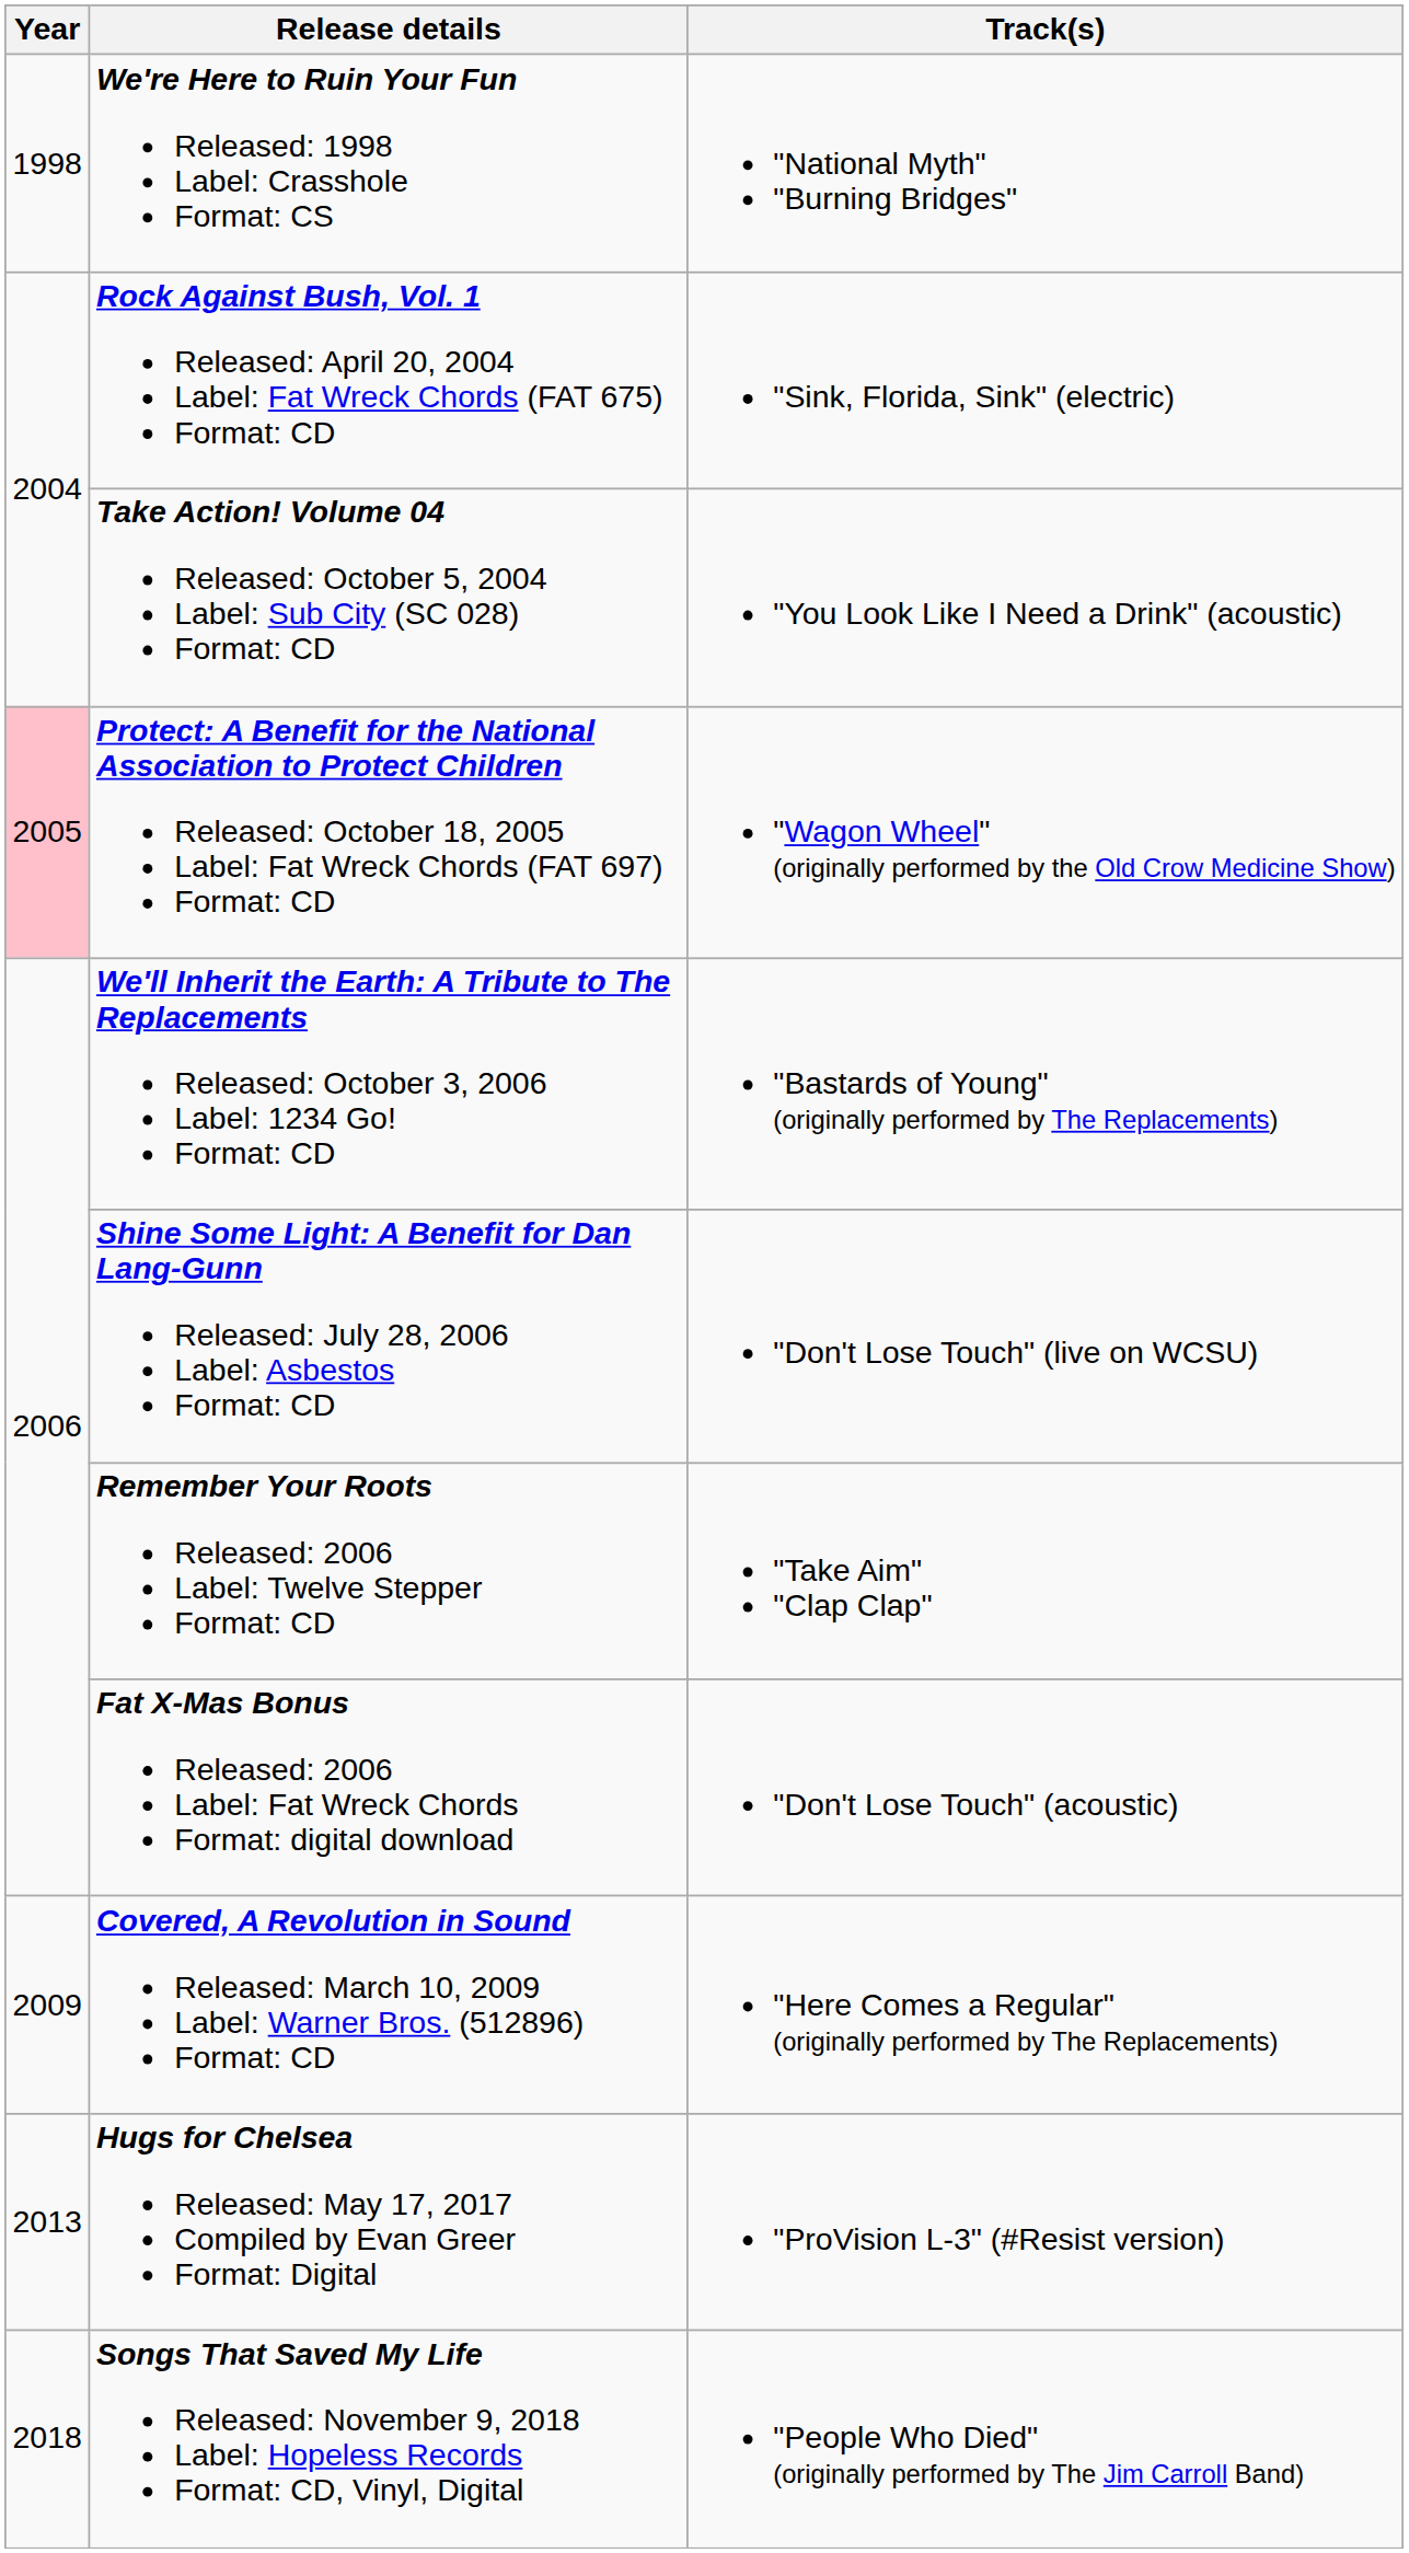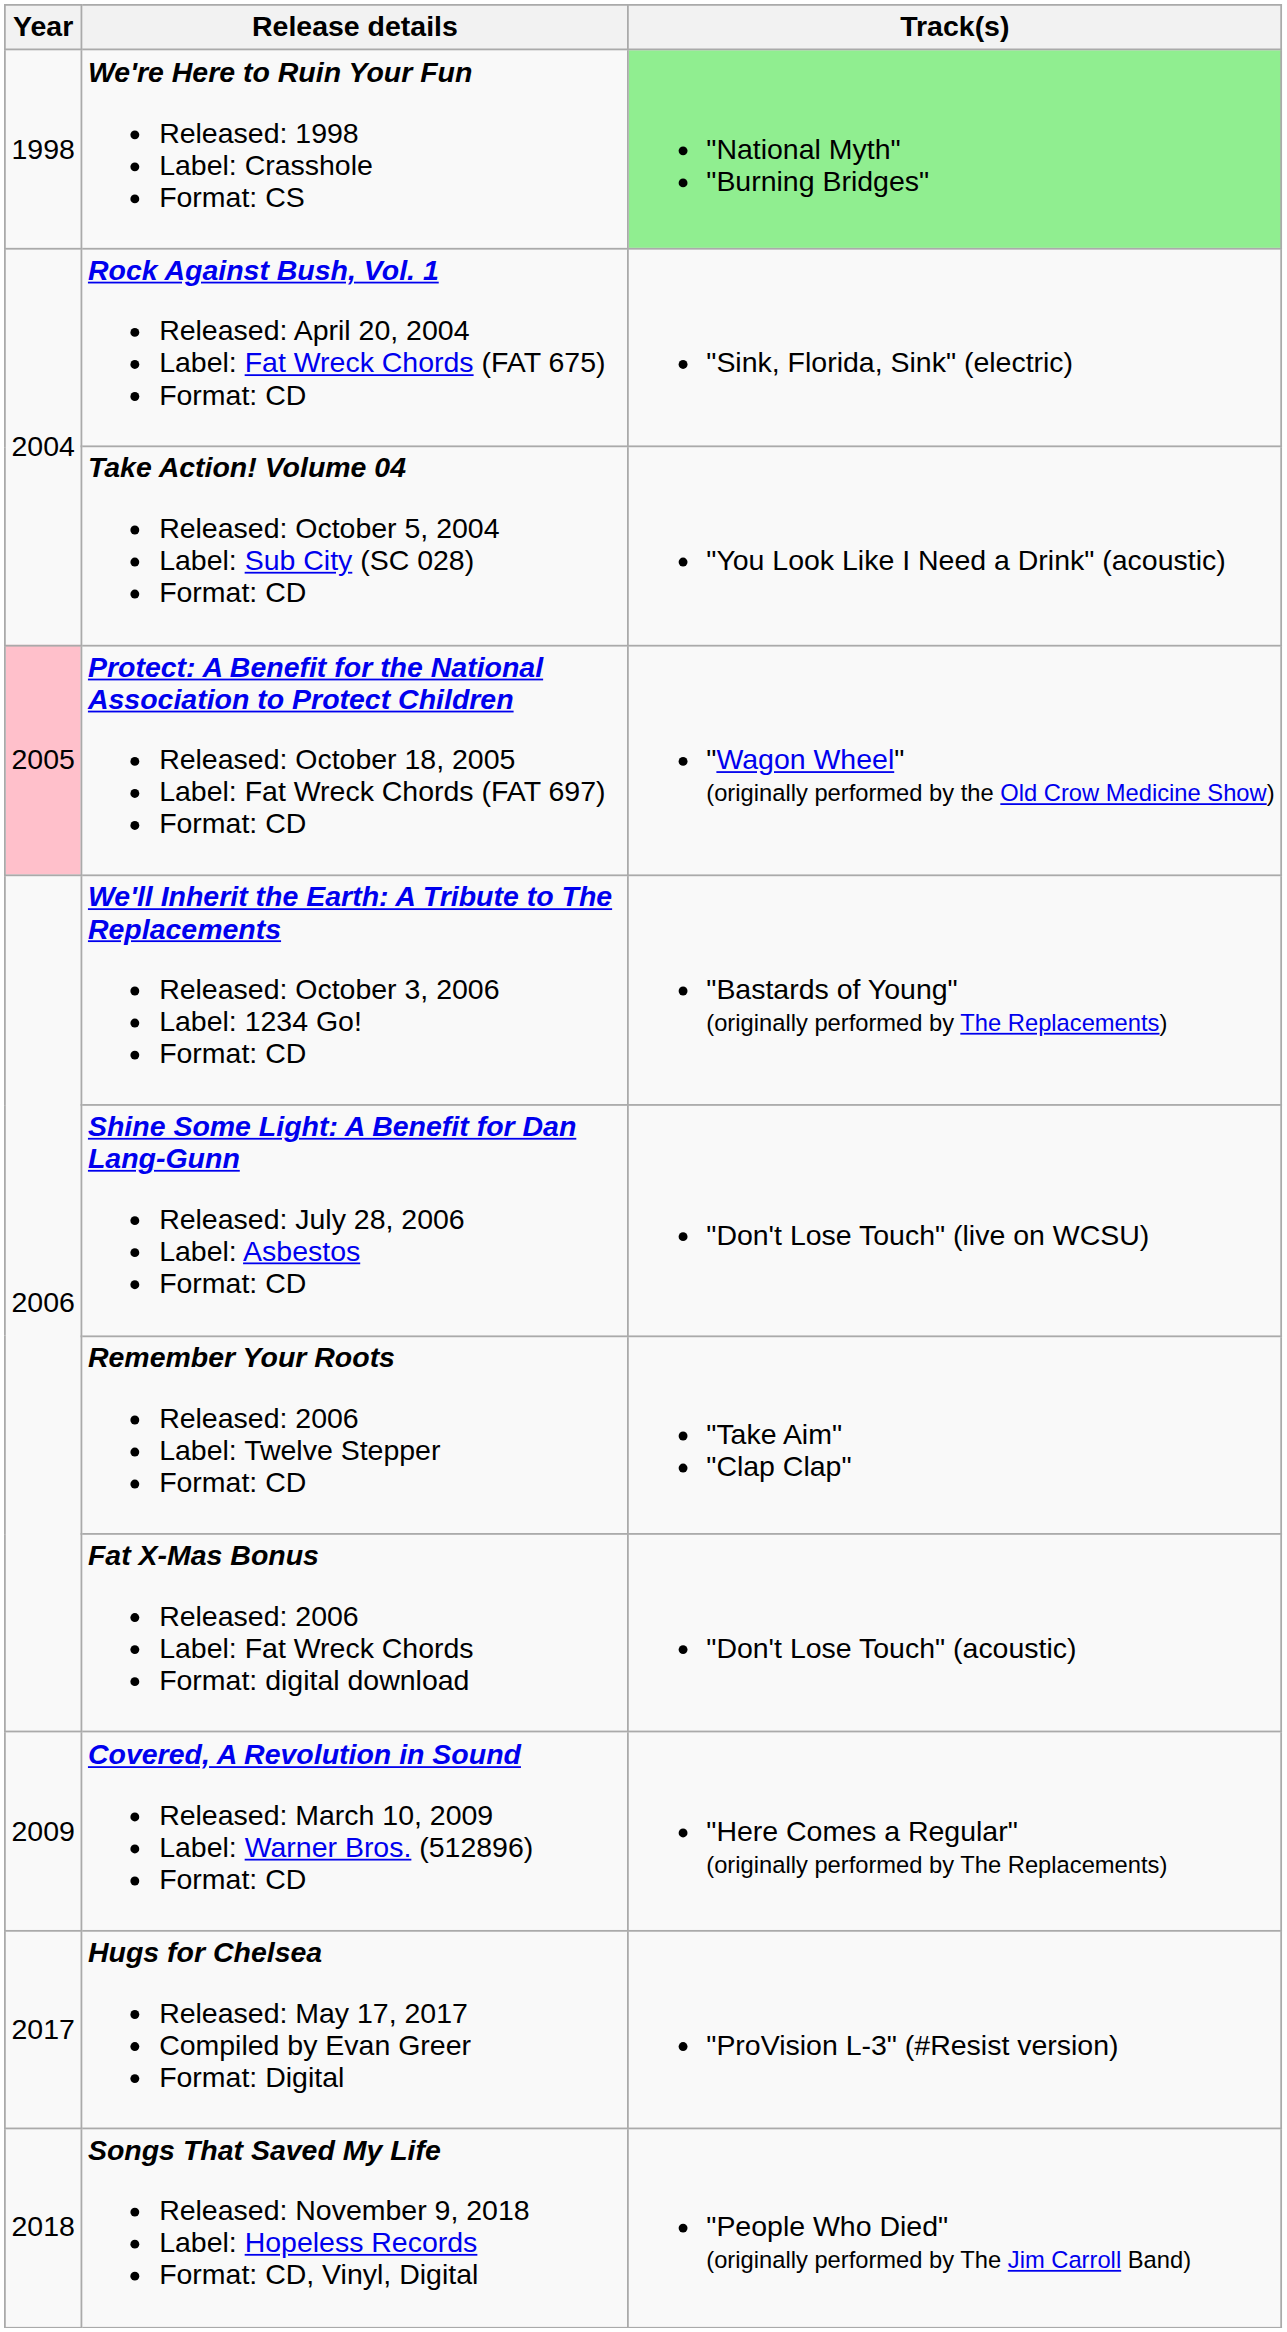 <table class ="wikitable">
 <tr>
 <th>Year</th>
 <th style="width:300px;">Release details</th>
 <th>Track(s)</th>
 </tr>
 <tr>
 <td>1998</td>
 <td><strong><em>We're Here to Ruin Your Fun</em></strong><br><ul><li>Released: 1998</li><li>Label: Crasshole</li><li>Format: CS</li></ul></td>
-<td><br><ul><li>"National Myth"</li><li>"Burning Bridges"</li></ul></td>
+<td style="background: lightgreen;"><br><ul><li>"National Myth"</li><li>"Burning Bridges"</li></ul></td>
 </tr>
 <tr>
 <td style="text-align:center;" rowspan="2">2004</td>
 <td><strong><em><a href='#'>Rock Against Bush, Vol. 1</a></em></strong><br><ul><li>Released: April 20, 2004</li><li>Label: <a href='#'>Fat Wreck Chords</a> (FAT 675)</li><li>Format: CD</li></ul></td>
 <td><br><ul><li>"Sink, Florida, Sink" (electric)</li></ul></td>
 </tr>
 <tr>
 <td><strong><em>Take Action! Volume 04</em></strong><br><ul><li>Released: October 5, 2004</li><li>Label: <a href='#'>Sub City</a> (SC 028)</li><li>Format: CD</li></ul></td>
 <td><br><ul><li>"You Look Like I Need a Drink" (acoustic)</li></ul></td>
 </tr>
 <tr>
 <td style="background: pink;">2005</td>
 <td><strong><em><a href='#'>Protect: A Benefit for the National Association to Protect Children</a></em></strong><br><ul><li>Released: October 18, 2005</li><li>Label: Fat Wreck Chords (FAT 697)</li><li>Format: CD</li></ul></td>
 <td><br><ul><li>"<a href='#'>Wagon Wheel</a>"<br><small>(originally performed by the <a href='#'>Old Crow Medicine Show</a>)</small></li></ul></td>
 </tr>
 <tr>
 <td style="text-align:center;" rowspan="4">2006</td>
 <td><strong><em><a href='#'>We'll Inherit the Earth: A Tribute to The Replacements</a></em></strong><br><ul><li>Released: October 3, 2006</li><li>Label: 1234 Go!</li><li>Format: CD</li></ul></td>
 <td><br><ul><li>"Bastards of Young"<br><small>(originally performed by <a href='#'>The Replacements</a>)</small></li></ul></td>
 </tr>
 <tr>
 <td><strong><em><a href='#'>Shine Some Light: A Benefit for Dan Lang-Gunn</a></em></strong><br><ul><li>Released: July 28, 2006</li><li>Label: <a href='#'>Asbestos</a></li><li>Format: CD</li></ul></td>
 <td><br><ul><li>"Don't Lose Touch" (live on WCSU)</li></ul></td>
 </tr>
 <tr>
 <td><strong><em>Remember Your Roots</em></strong><br><ul><li>Released: 2006</li><li>Label: Twelve Stepper</li><li>Format: CD</li></ul></td>
 <td><br><ul><li>"Take Aim"</li><li>"Clap Clap"</li></ul></td>
 </tr>
 <tr>
 <td><strong><em>Fat X-Mas Bonus</em></strong><br><ul><li>Released: 2006</li><li>Label: Fat Wreck Chords</li><li>Format: digital download</li></ul></td>
 <td><br><ul><li>"Don't Lose Touch" (acoustic)</li></ul></td>
 </tr>
 <tr>
 <td>2009</td>
 <td><strong><em><a href='#'>Covered, A Revolution in Sound</a></em></strong><br><ul><li>Released: March 10, 2009</li><li>Label: <a href='#'>Warner Bros.</a> (512896)</li><li>Format: CD</li></ul></td>
 <td><br><ul><li>"Here Comes a Regular"<br><small>(originally performed by The Replacements)</small></li></ul></td>
 </tr>
 <tr>
-<td>2013</td>
+<td>2017</td>
 <td><strong><em>Hugs for Chelsea</em></strong><br><ul><li>Released: May 17, 2017</li><li>Compiled by Evan Greer</li><li>Format: Digital</li></ul></td>
 <td><br><ul><li>"ProVision L-3" (#Resist version)</li></ul></td>
 </tr>
 <tr>
 <td>2018</td>
 <td><strong><em>Songs That Saved My Life</em></strong><br><ul><li>Released: November 9, 2018</li><li>Label: <a href='#'>Hopeless Records</a></li><li>Format: CD, Vinyl, Digital</li></ul></td>
 <td><br><ul><li>"People Who Died"<br><small>(originally performed by The <a href='#'>Jim Carroll</a> Band)</small></li></ul></td>
 </tr>
 </table>
